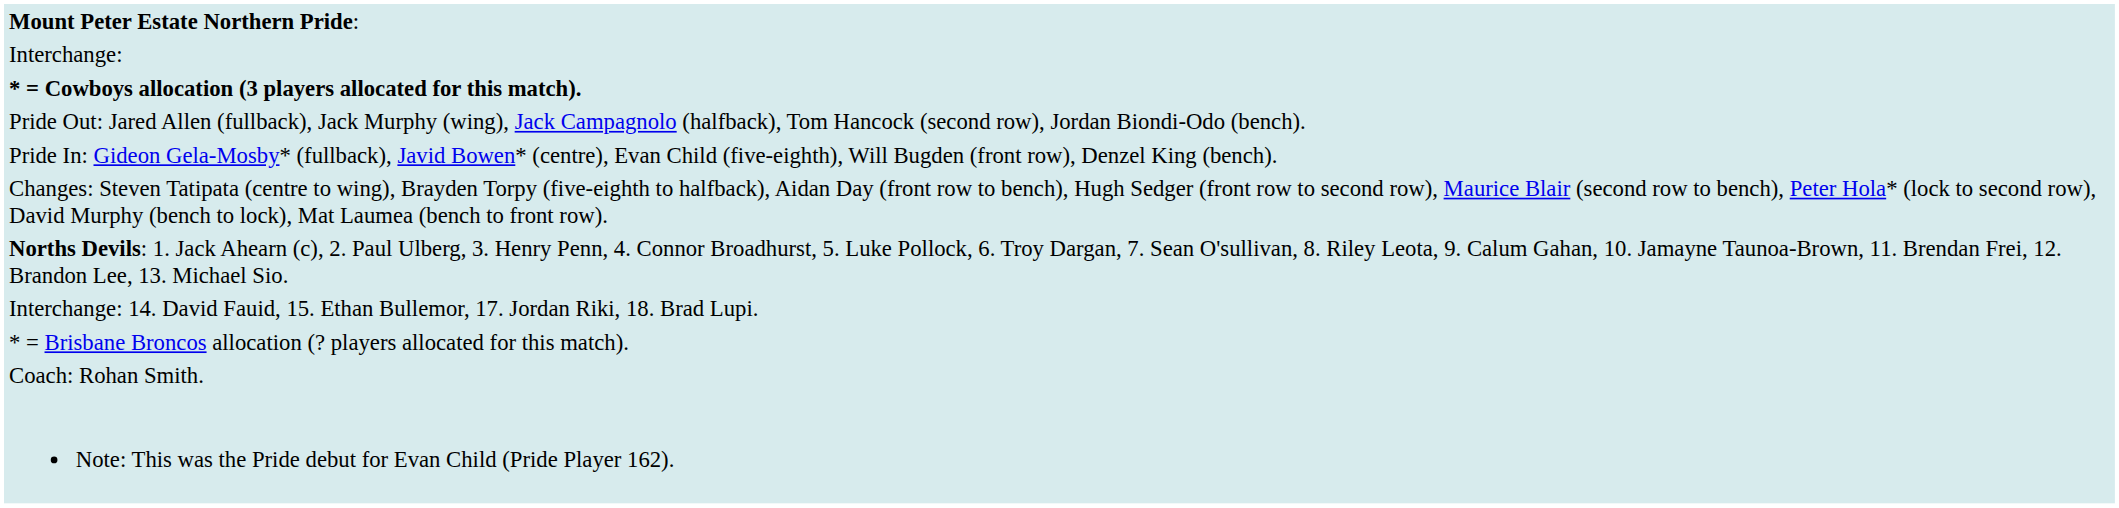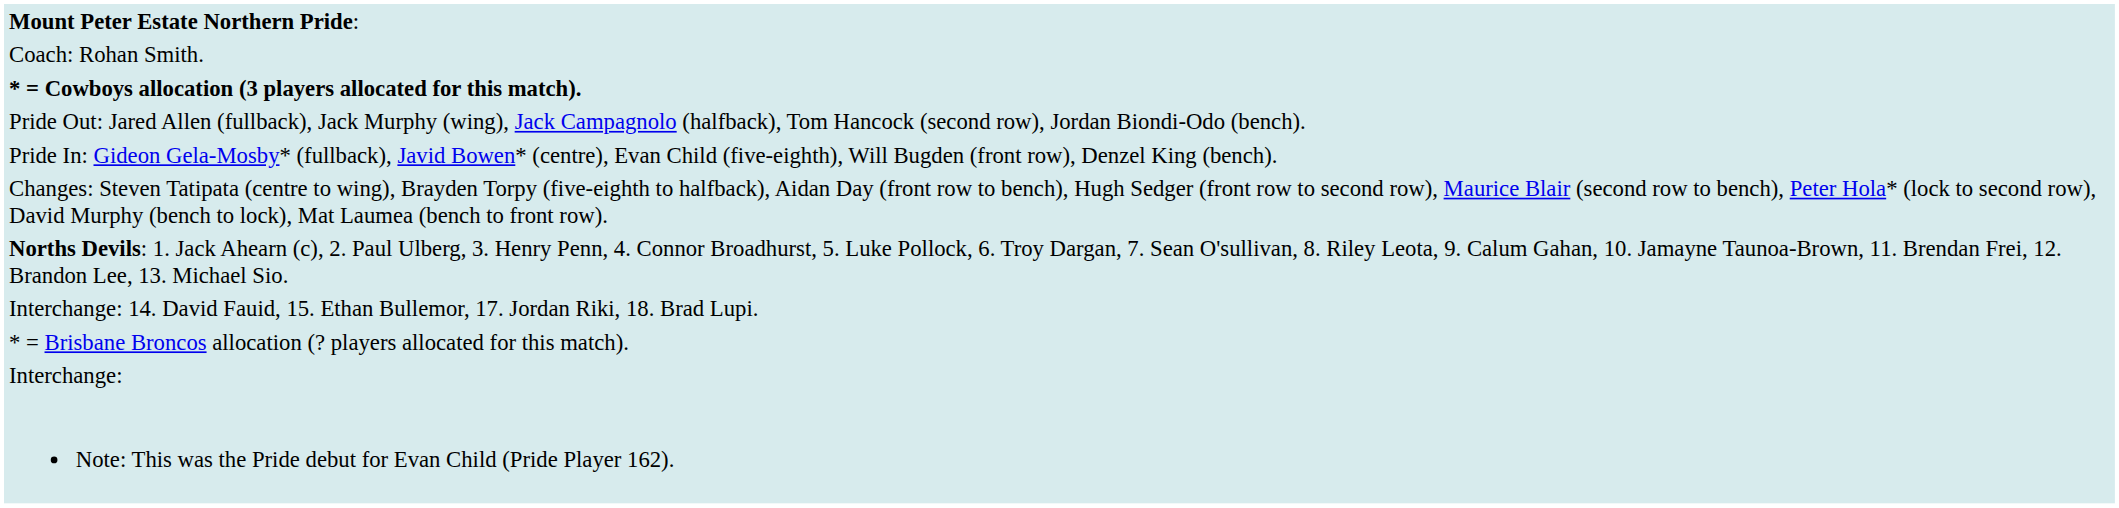 <table style="background:#d7ebed; font-size:85%; width:100%;">
 <tr>
 <td><strong>Mount Peter Estate Northern Pride</strong>:             </td>
 </tr>
 <tr>
-<td>Interchange:    </td>
+<td>Coach: Rohan Smith.</td>
 </tr>
 <tr>
 <td><strong>* = Cowboys allocation (3 players allocated for this match).</strong></td>
 </tr>
 <tr>
 <td>Pride Out: Jared Allen (fullback), Jack Murphy (wing), <a href='#'>Jack Campagnolo</a> (halfback), Tom Hancock (second row), Jordan Biondi-Odo (bench).</td>
 </tr>
 <tr>
 <td>Pride In: <a href='#'>Gideon Gela-Mosby</a>* (fullback), <a href='#'>Javid Bowen</a>* (centre), Evan Child (five-eighth), Will Bugden (front row), Denzel King (bench).</td>
 </tr>
 <tr>
 <td>Changes: Steven Tatipata (centre to wing), Brayden Torpy (five-eighth to halfback), Aidan Day (front row to bench), Hugh Sedger (front row to second row), <a href='#'>Maurice Blair</a> (second row to bench), <a href='#'>Peter Hola</a>* (lock to second row), David Murphy (bench to lock), Mat Laumea (bench to front row).</td>
 </tr>
 <tr>
 <td><strong>Norths Devils</strong>: 1. Jack Ahearn (c), 2. Paul Ulberg, 3. Henry Penn, 4. Connor Broadhurst, 5. Luke Pollock, 6. Troy Dargan, 7. Sean O'sullivan, 8. Riley Leota, 9. Calum Gahan, 10. Jamayne Taunoa-Brown, 11. Brendan Frei, 12. Brandon Lee, 13. Michael Sio.</td>
 </tr>
 <tr>
 <td>Interchange: 14. David Fauid, 15. Ethan Bullemor, 17. Jordan Riki, 18. Brad Lupi.</td>
 </tr>
 <tr>
 <td>* = <a href='#'>Brisbane Broncos</a> allocation (? players allocated for this match).</td>
 </tr>
 <tr>
-<td>Coach: Rohan Smith.</td>
+<td>Interchange:    </td>
 </tr>
 <tr>
 <td><br><ul><li>Note: This was the Pride debut for Evan Child (Pride Player 162).</li></ul></td>
 </tr>
 <tr>
 </tr>
 </table>
